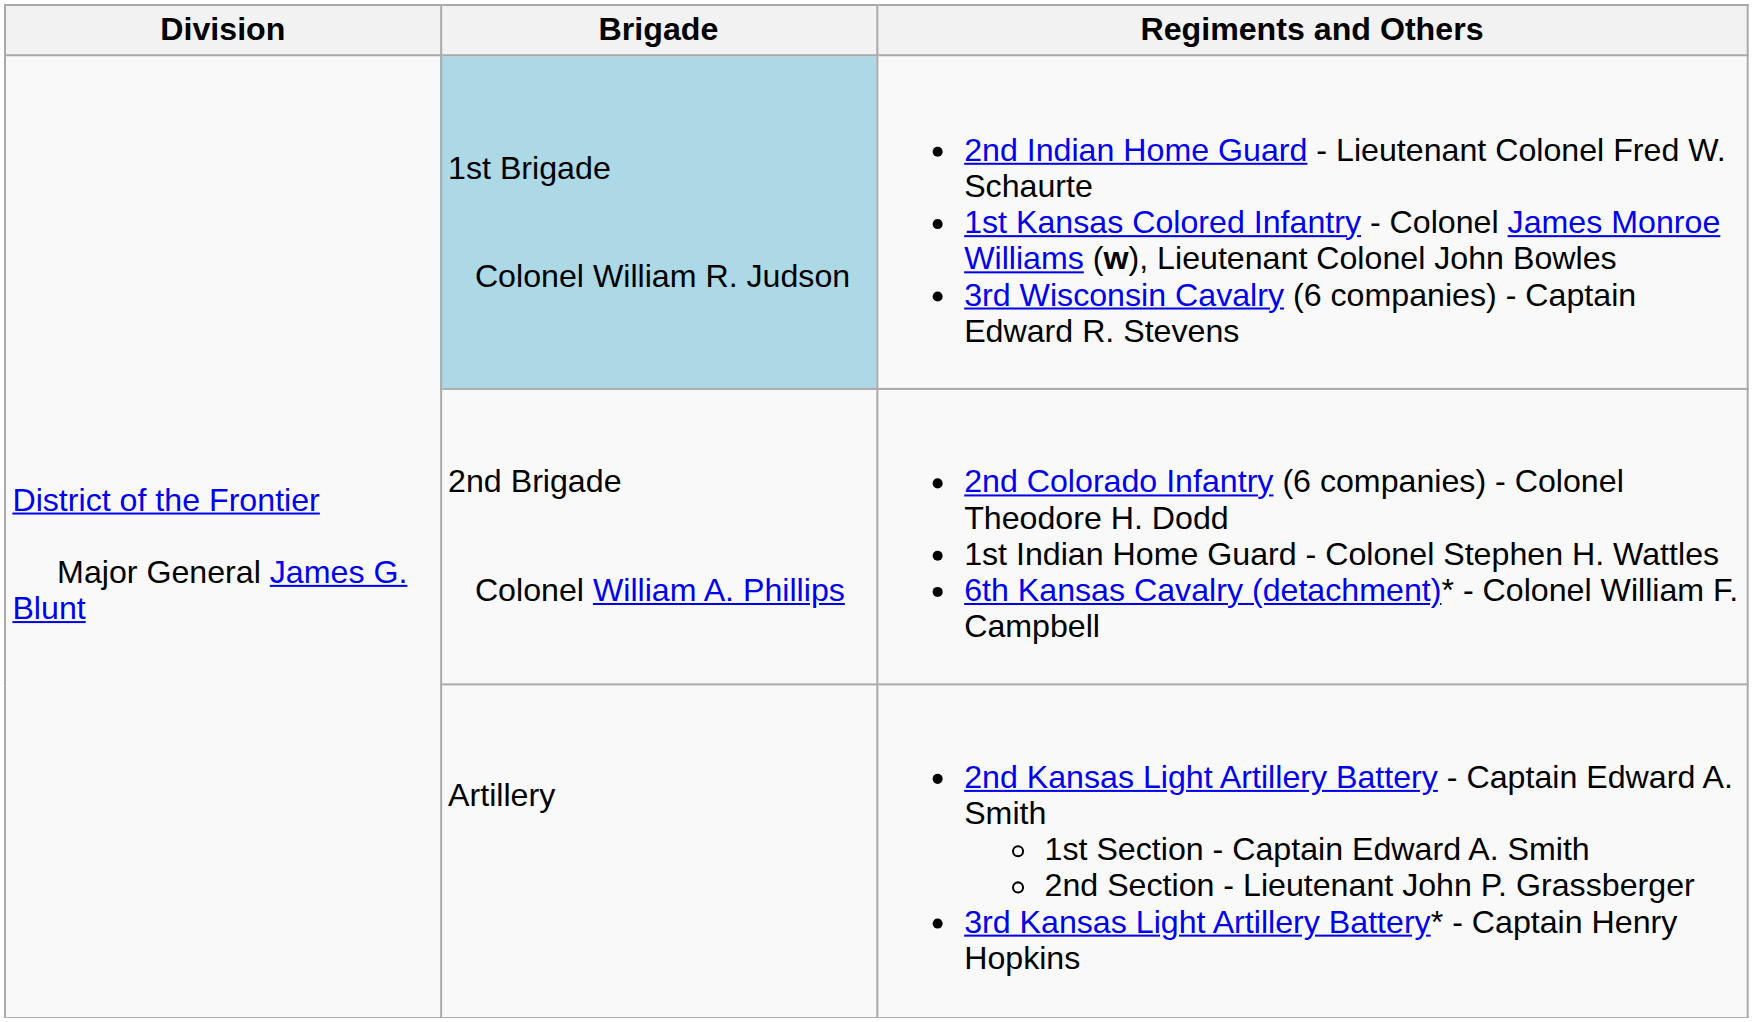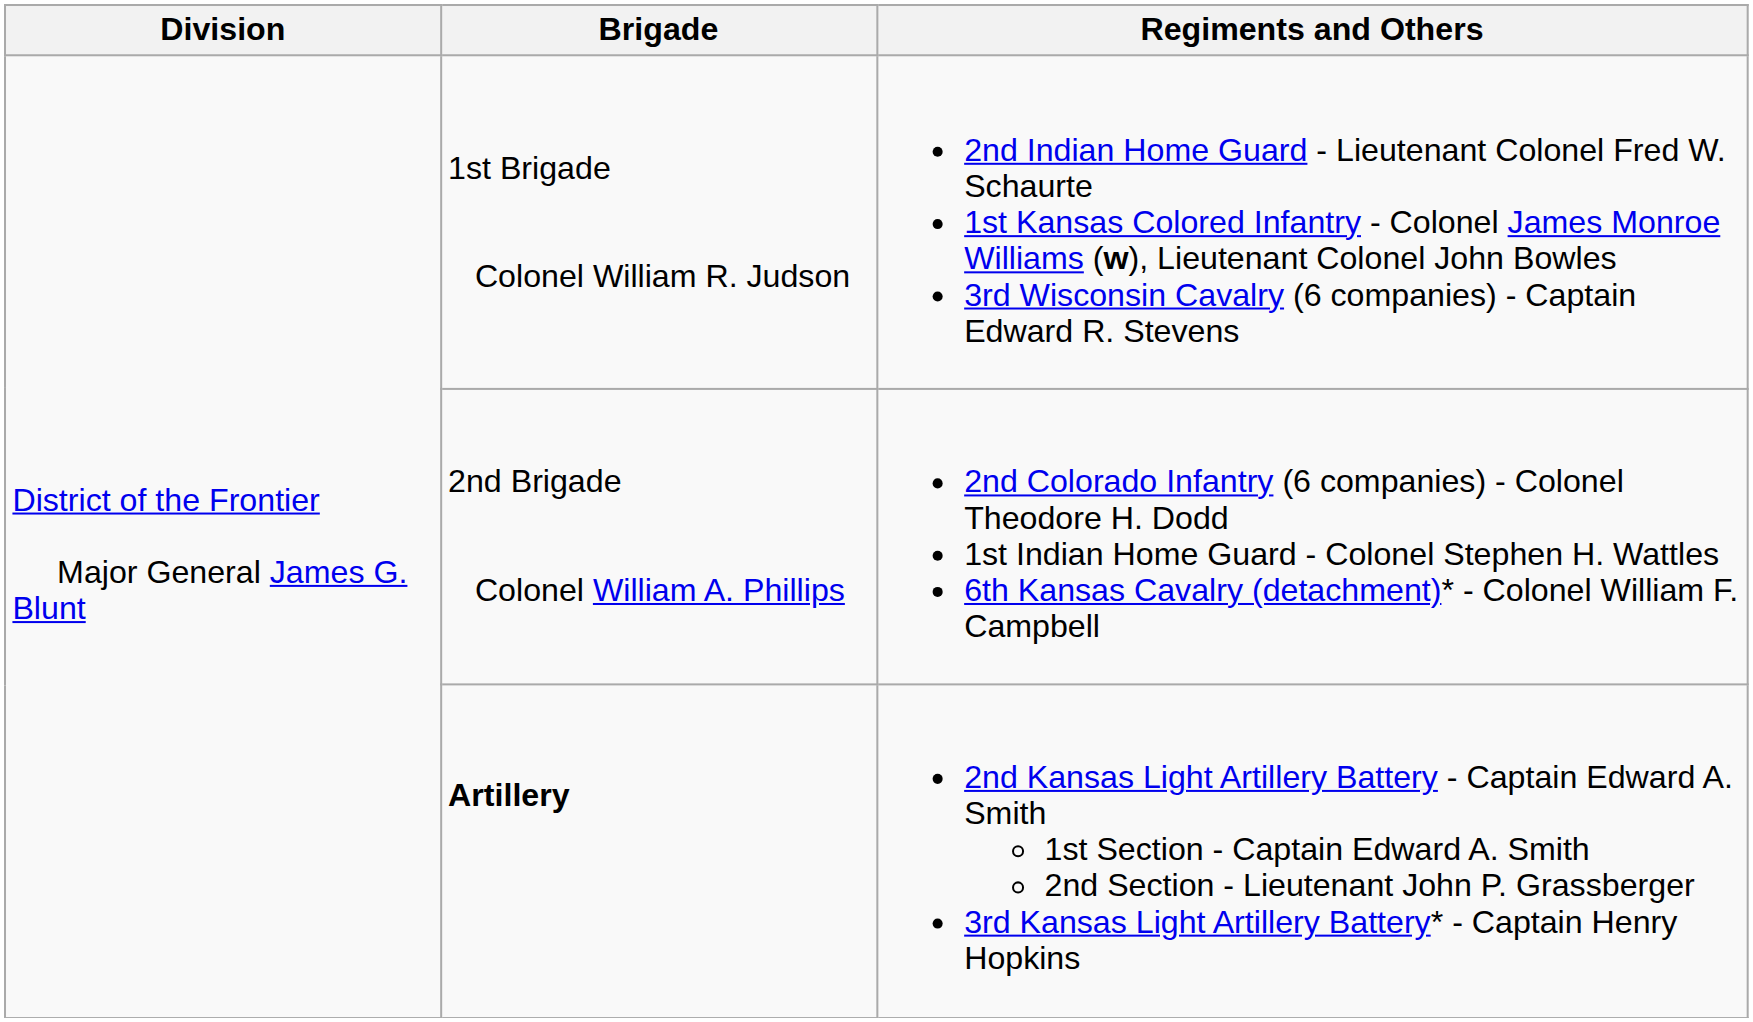 <table class="wikitable">
 <tr>
 <th width=25%>Division</th>
 <th width=25%>Brigade</th>
 <th>Regiments and Others</th>
 </tr>
 <tr>
 <td rowspan=3><br><a href='#'>District of the Frontier</a><br><br>     Major General <a href='#'>James G. Blunt</a></td>
-<td style="background: lightblue;">1st Brigade<br><br><br>   Colonel William R. Judson</td>
+<td>1st Brigade<br><br><br>   Colonel William R. Judson</td>
 <td><br><ul><li><a href='#'>2nd Indian Home Guard</a> - Lieutenant Colonel Fred W. Schaurte</li><li><a href='#'>1st Kansas Colored Infantry</a> - Colonel <a href='#'>James Monroe Williams</a> (<strong>w</strong>), Lieutenant Colonel John Bowles</li><li><a href='#'>3rd Wisconsin Cavalry</a> (6 companies) - Captain Edward R. Stevens</li></ul></td>
 </tr>
 <tr>
 <td>2nd Brigade<br><br><br>   Colonel <a href='#'>William A. Phillips</a></td>
 <td><br><ul><li><a href='#'>2nd Colorado Infantry</a> (6 companies) - Colonel Theodore H. Dodd</li><li>1st Indian Home Guard - Colonel Stephen H. Wattles</li><li><a href='#'>6th Kansas Cavalry (detachment)</a>* - Colonel William F. Campbell</li></ul></td>
 </tr>
 <tr>
-<td>Artillery<br><br><br>  </td>
+<td><strong>Artillery<br><br><br>  </strong></td>
 <td><br><ul><li><a href='#'>2nd Kansas Light Artillery Battery</a> - Captain Edward A. Smith<ul><li>1st Section - Captain Edward A. Smith</li><li>2nd Section - Lieutenant John P. Grassberger</li></ul></li><li><a href='#'>3rd Kansas Light Artillery Battery</a>* - Captain Henry Hopkins</li></ul></td>
 </tr>
 </table>
